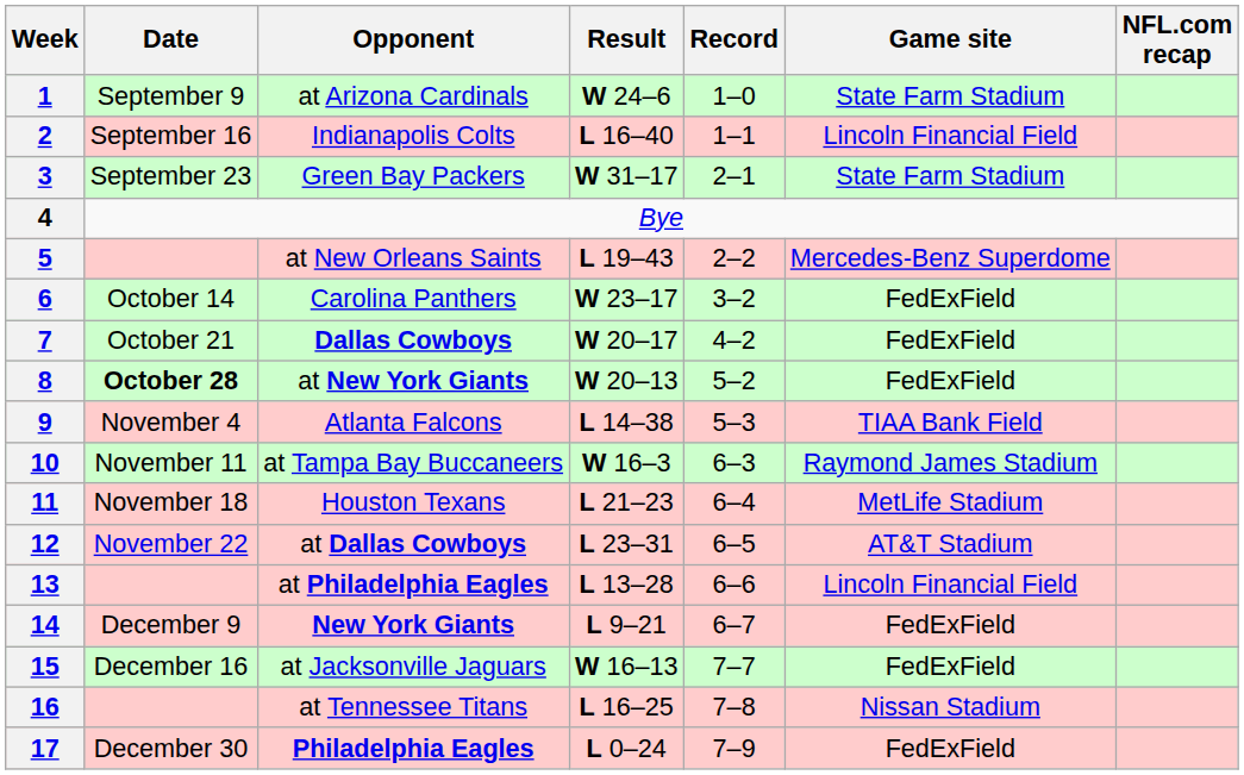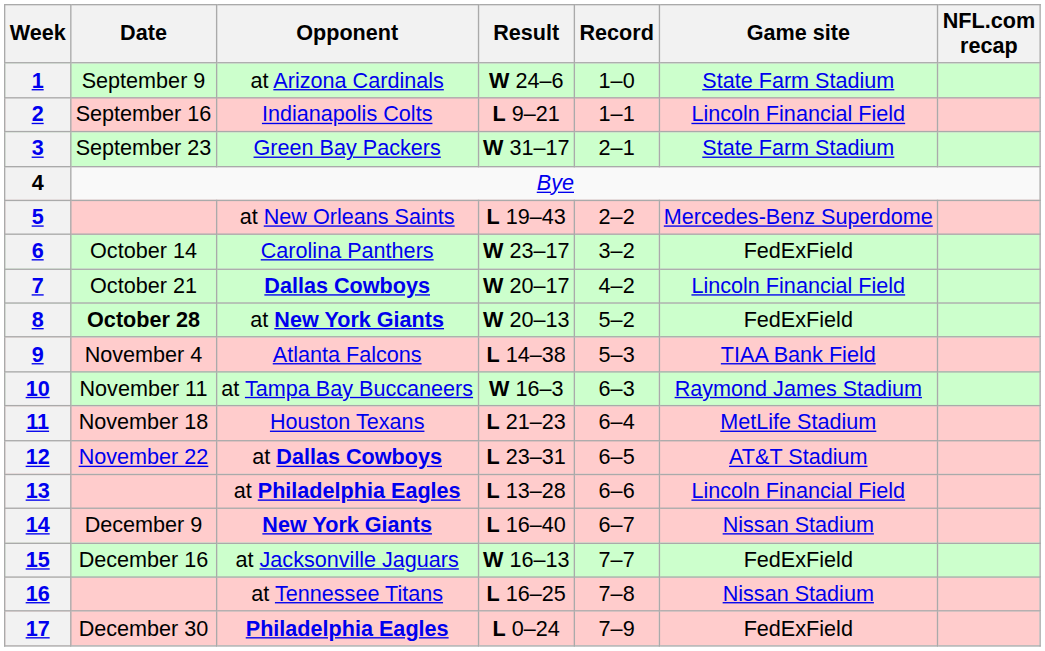 <table class="wikitable" style="text-align:center">
 <tr>
 <th>Week</th>
 <th>Date</th>
 <th>Opponent</th>
 <th>Result</th>
 <th>Record</th>
 <th>Game site</th>
 <th>NFL.com<br>recap</th>
 </tr>
 <tr style="background:#cfc">
 <th><a href='#'>1</a></th>
 <td>September 9</td>
 <td>at <a href='#'>Arizona Cardinals</a></td>
 <td><strong>W</strong> 24–6</td>
 <td>1–0</td>
 <td><a href='#'>State Farm Stadium</a></td>
 <td></td>
 </tr>
 <tr style="background:#fcc">
 <th><a href='#'>2</a></th>
 <td>September 16</td>
 <td><a href='#'>Indianapolis Colts</a></td>
-<td><strong>L</strong> 16–40</td>
+<td><strong>L</strong> 9–21</td>
 <td>1–1</td>
 <td><a href='#'>Lincoln Financial Field</a></td>
 <td></td>
 </tr>
 <tr style="background:#cfc">
 <th><a href='#'>3</a></th>
 <td>September 23</td>
 <td><a href='#'>Green Bay Packers</a></td>
 <td><strong>W</strong> 31–17</td>
 <td>2–1</td>
 <td><a href='#'>State Farm Stadium</a></td>
 <td></td>
 </tr>
 <tr>
 <th>4</th>
 <td colspan=6><em><a href='#'>Bye</a></em></td>
 </tr>
 <tr style="background:#fcc">
 <th><a href='#'>5</a></th>
 <td></td>
 <td>at <a href='#'>New Orleans Saints</a></td>
 <td><strong>L</strong> 19–43</td>
 <td>2–2</td>
 <td><a href='#'>Mercedes-Benz Superdome</a></td>
 <td></td>
 </tr>
 <tr style="background:#cfc">
 <th><a href='#'>6</a></th>
 <td>October 14</td>
 <td><a href='#'>Carolina Panthers</a></td>
 <td><strong>W</strong> 23–17</td>
 <td>3–2</td>
 <td>FedExField</td>
 <td></td>
 </tr>
 <tr style="background:#cfc">
 <th><a href='#'>7</a></th>
 <td>October 21</td>
 <td><strong><a href='#'>Dallas Cowboys</a></strong></td>
 <td><strong>W</strong> 20–17</td>
 <td>4–2</td>
-<td>FedExField</td>
+<td><a href='#'>Lincoln Financial Field</a></td>
 <td></td>
 </tr>
 <tr style="background:#cfc">
 <th><a href='#'>8</a></th>
 <td><strong>October 28</strong></td>
 <td>at <strong><a href='#'>New York Giants</a></strong></td>
 <td><strong>W</strong> 20–13</td>
 <td>5–2</td>
 <td>FedExField</td>
 <td></td>
 </tr>
 <tr style="background:#fcc">
 <th><a href='#'>9</a></th>
 <td>November 4</td>
 <td><a href='#'>Atlanta Falcons</a></td>
 <td><strong>L</strong> 14–38</td>
 <td>5–3</td>
 <td><a href='#'>TIAA Bank Field</a></td>
 <td></td>
 </tr>
 <tr style="background:#cfc">
 <th><a href='#'>10</a></th>
 <td>November 11</td>
 <td>at <a href='#'>Tampa Bay Buccaneers</a></td>
 <td><strong>W</strong> 16–3</td>
 <td>6–3</td>
 <td><a href='#'>Raymond James Stadium</a></td>
 <td></td>
 </tr>
 <tr style="background:#fcc">
 <th><a href='#'>11</a></th>
 <td>November 18</td>
 <td><a href='#'>Houston Texans</a></td>
 <td><strong>L</strong> 21–23</td>
 <td>6–4</td>
 <td><a href='#'>MetLife Stadium</a></td>
 <td></td>
 </tr>
 <tr style="background:#fcc">
 <th><a href='#'>12</a></th>
 <td><a href='#'>November 22</a></td>
 <td>at <strong><a href='#'>Dallas Cowboys</a></strong></td>
 <td><strong>L</strong> 23–31</td>
 <td>6–5</td>
 <td><a href='#'>AT&T Stadium</a></td>
 <td></td>
 </tr>
 <tr style="background:#fcc">
 <th><a href='#'>13</a></th>
 <td></td>
 <td>at <strong><a href='#'>Philadelphia Eagles</a></strong></td>
 <td><strong>L</strong> 13–28</td>
 <td>6–6</td>
 <td><a href='#'>Lincoln Financial Field</a></td>
 <td></td>
 </tr>
 <tr style="background:#fcc">
 <th><a href='#'>14</a></th>
 <td>December 9</td>
 <td><strong><a href='#'>New York Giants</a></strong></td>
-<td><strong>L</strong> 9–21</td>
+<td><strong>L</strong> 16–40</td>
 <td>6–7</td>
-<td>FedExField</td>
+<td><a href='#'>Nissan Stadium</a></td>
 <td></td>
 </tr>
 <tr style="background:#cfc">
 <th><a href='#'>15</a></th>
 <td>December 16</td>
 <td>at <a href='#'>Jacksonville Jaguars</a></td>
 <td><strong>W</strong> 16–13</td>
 <td>7–7</td>
 <td>FedExField</td>
 <td></td>
 </tr>
 <tr style="background:#fcc">
 <th><a href='#'>16</a></th>
 <td></td>
 <td>at <a href='#'>Tennessee Titans</a></td>
 <td><strong>L</strong> 16–25</td>
 <td>7–8</td>
 <td><a href='#'>Nissan Stadium</a></td>
 <td></td>
 </tr>
 <tr style="background:#fcc">
 <th><a href='#'>17</a></th>
 <td>December 30</td>
 <td><strong><a href='#'>Philadelphia Eagles</a></strong></td>
 <td><strong>L</strong> 0–24</td>
 <td>7–9</td>
 <td>FedExField</td>
 <td></td>
 </tr>
 </table>
